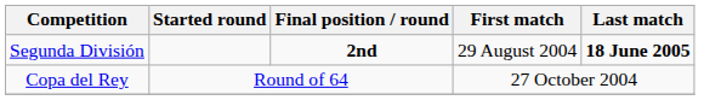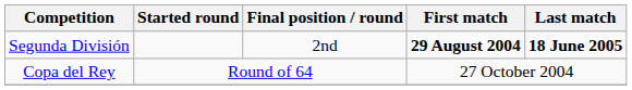 <table class="wikitable" style="text-align:center;">
 <tr>
 <th>Competition</th>
 <th>Started round</th>
 <th>Final position / round</th>
 <th>First match</th>
 <th>Last match</th>
 </tr>
 <tr>
 <td><a href='#'>Segunda División</a></td>
 <td></td>
-<td><strong>2nd</strong></td>
-<td>29 August 2004</td>
+<td>2nd</td>
+<td><strong>29 August 2004</strong></td>
 <td><strong>18 June 2005</strong></td>
 </tr>
 <tr>
 <td><a href='#'>Copa del Rey</a></td>
 <td colspan="2"><a href='#'>Round of 64</a></td>
 <td colspan="2">27 October 2004</td>
 </tr>
 <tr>
 </tr>
 </table>
